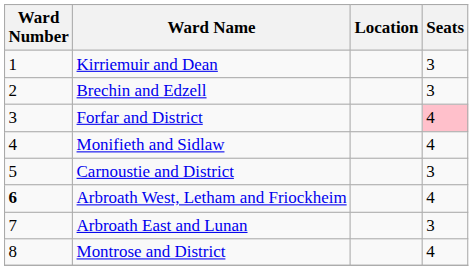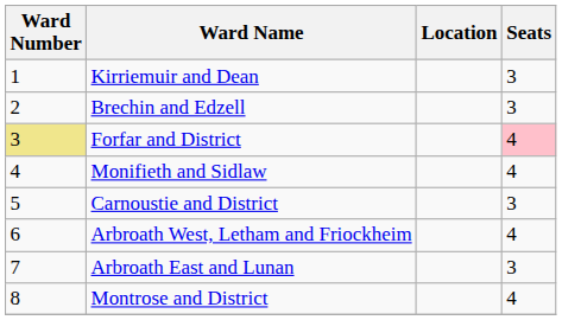 <table class="wikitable">
 <tr>
 <th>Ward<br>Number</th>
 <th>Ward Name</th>
 <th>Location</th>
 <th>Seats</th>
 </tr>
 <tr>
 <td>1</td>
 <td><a href='#'>Kirriemuir and Dean</a></td>
 <td></td>
 <td>3</td>
 </tr>
 <tr>
 <td>2</td>
 <td><a href='#'>Brechin and Edzell</a></td>
 <td></td>
 <td>3</td>
 </tr>
 <tr>
-<td>3</td>
+<td style="background: khaki;">3</td>
 <td><a href='#'>Forfar and District</a></td>
 <td></td>
 <td style="background: pink;">4</td>
 </tr>
 <tr>
 <td>4</td>
 <td><a href='#'>Monifieth and Sidlaw</a></td>
 <td></td>
 <td>4</td>
 </tr>
 <tr>
 <td>5</td>
 <td><a href='#'>Carnoustie and District</a></td>
 <td></td>
 <td>3</td>
 </tr>
 <tr>
-<td><strong>6</strong></td>
+<td>6</td>
 <td><a href='#'>Arbroath West, Letham and Friockheim</a></td>
 <td></td>
 <td>4</td>
 </tr>
 <tr>
 <td>7</td>
 <td><a href='#'>Arbroath East and Lunan</a></td>
 <td></td>
 <td>3</td>
 </tr>
 <tr>
 <td>8</td>
 <td><a href='#'>Montrose and District</a></td>
 <td></td>
 <td>4</td>
 </tr>
 <tr>
 </tr>
 </table>
